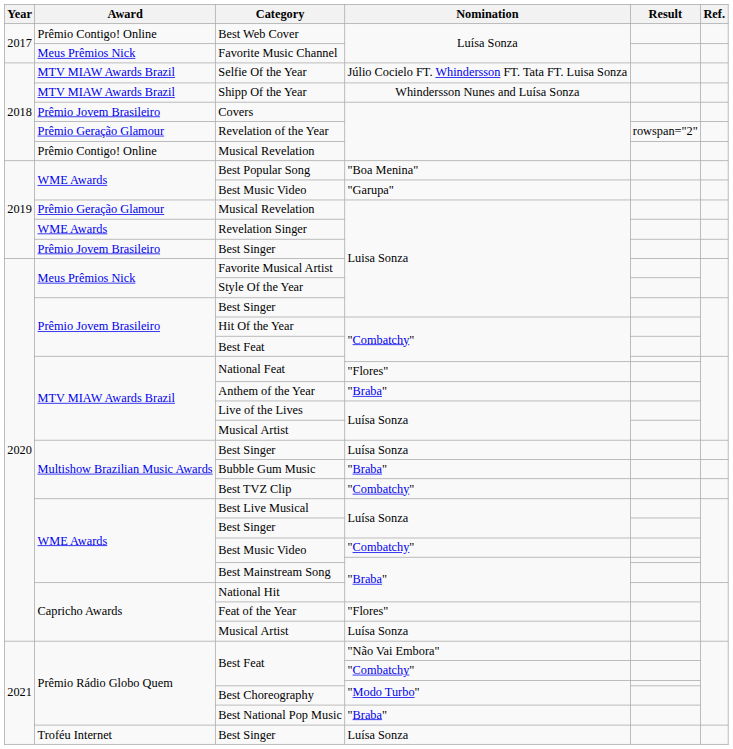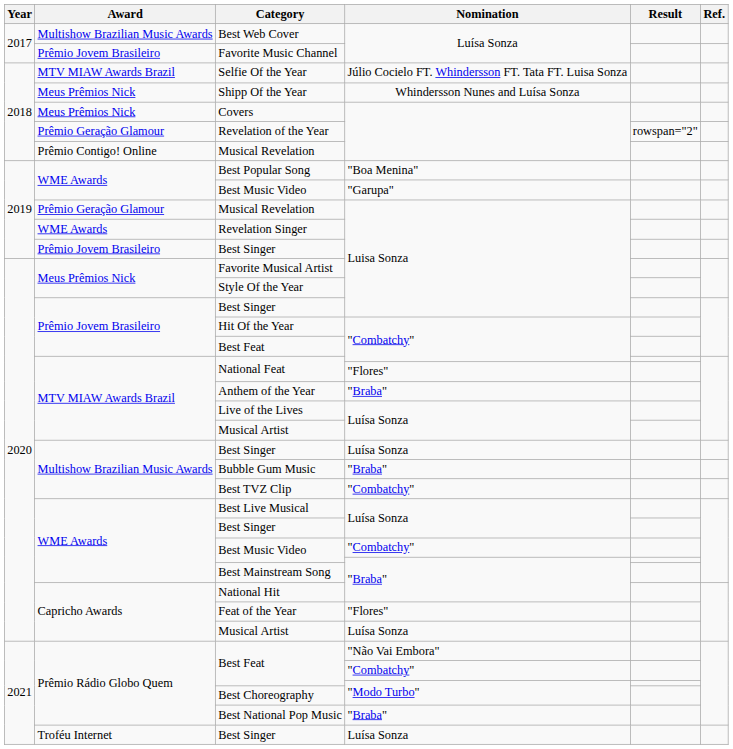 <table class="wikitable">
 <tr>
 <th>Year</th>
 <th>Award</th>
 <th>Category</th>
 <th>Nomination</th>
 <th>Result</th>
 <th>Ref.</th>
 </tr>
 <tr>
 <td rowspan="2">2017 </td>
-<td>Prêmio Contigo! Online</td>
+<td><a href='#'>Multishow Brazilian Music Awards</a></td>
 <td>Best Web Cover</td>
 <td align="center" rowspan="2">Luísa Sonza</td>
 <td></td>
 <td></td>
 </tr>
 <tr>
-<td><a href='#'>Meus Prêmios Nick</a></td>
+<td><a href='#'>Prêmio Jovem Brasileiro</a></td>
 <td>Favorite Music Channel</td>
 <td></td>
 <td></td>
 </tr>
 <tr>
 <td rowspan="5">2018 </td>
 <td><a href='#'>MTV MIAW Awards Brazil</a></td>
 <td>Selfie Of the Year</td>
 <td align="center">Júlio Cocielo FT. <a href='#'>Whindersson</a> FT. Tata FT. Luisa Sonza</td>
 <td></td>
 <td></td>
 </tr>
 <tr>
-<td><a href='#'>MTV MIAW Awards Brazil</a></td>
+<td><a href='#'>Meus Prêmios Nick</a></td>
 <td>Shipp Of the Year</td>
 <td align="center">Whindersson Nunes and Luísa Sonza</td>
 <td></td>
 <td></td>
 </tr>
 <tr>
-<td><a href='#'>Prêmio Jovem Brasileiro</a></td>
+<td><a href='#'>Meus Prêmios Nick</a></td>
 <td>Covers</td>
 <td rowspan="3"></td>
 <td></td>
 <td></td>
 </tr>
 <tr>
 <td><a href='#'>Prêmio Geração Glamour</a></td>
 <td>Revelation of the Year</td>
 <td>rowspan="2" </td>
 <td></td>
 </tr>
 <tr>
 <td>Prêmio Contigo! Online</td>
 <td>Musical Revelation</td>
 <td></td>
 </tr>
 <tr>
 <td rowspan="5">2019</td>
 <td rowspan="2"><a href='#'>WME Awards</a></td>
 <td>Best Popular Song</td>
 <td>"Boa Menina"</td>
 <td></td>
 <td></td>
 </tr>
 <tr>
 <td>Best Music Video</td>
 <td>"Garupa"</td>
 <td></td>
 <td></td>
 </tr>
 <tr>
 <td><a href='#'>Prêmio Geração Glamour</a></td>
 <td>Musical Revelation</td>
 <td rowspan="6">Luisa Sonza</td>
 <td></td>
 <td></td>
 </tr>
 <tr>
 <td><a href='#'>WME Awards</a></td>
 <td>Revelation Singer</td>
 <td></td>
 <td></td>
 </tr>
 <tr>
 <td><a href='#'>Prêmio Jovem Brasileiro</a></td>
 <td>Best Singer</td>
 <td></td>
 <td></td>
 </tr>
 <tr>
 <td rowspan="21">2020</td>
 <td rowspan="2"><a href='#'>Meus Prêmios Nick</a></td>
 <td>Favorite Musical Artist</td>
 <td></td>
 <td rowspan="2"></td>
 </tr>
 <tr>
 <td>Style Of the Year</td>
 <td></td>
 </tr>
 <tr>
 <td rowspan="3"><a href='#'>Prêmio Jovem Brasileiro</a></td>
 <td>Best Singer</td>
 <td></td>
 <td rowspan="3"></td>
 </tr>
 <tr>
 <td>Hit Of the Year</td>
 <td rowspan="3">"<a href='#'>Combatchy</a>"</td>
 <td></td>
 </tr>
 <tr>
 <td>Best Feat</td>
 <td></td>
 </tr>
 <tr>
 <td rowspan="5"><a href='#'>MTV MIAW Awards Brazil</a></td>
 <td rowspan="2">National Feat</td>
 <td></td>
 <td rowspan="5"></td>
 </tr>
 <tr>
 <td>"Flores"</td>
 <td></td>
 </tr>
 <tr>
 <td>Anthem of the Year</td>
 <td>"<a href='#'>Braba</a>"</td>
 <td></td>
 </tr>
 <tr>
 <td>Live of the Lives</td>
 <td rowspan="2">Luísa Sonza</td>
 <td></td>
 </tr>
 <tr>
 <td>Musical Artist</td>
 <td></td>
 </tr>
 <tr>
 <td rowspan="3"><a href='#'>Multishow Brazilian Music Awards</a></td>
 <td>Best Singer</td>
 <td>Luísa Sonza</td>
 <td></td>
 <td></td>
 </tr>
 <tr>
 <td>Bubble Gum Music</td>
 <td>"<a href='#'>Braba</a>"</td>
 <td></td>
 <td></td>
 </tr>
 <tr>
 <td>Best TVZ Clip</td>
 <td>"<a href='#'>Combatchy</a>"</td>
 <td></td>
 <td></td>
 </tr>
 <tr>
 <td rowspan="5"><a href='#'>WME Awards</a></td>
 <td>Best Live Musical</td>
 <td rowspan="2">Luísa Sonza</td>
 <td></td>
 <td rowspan="5"></td>
 </tr>
 <tr>
 <td>Best Singer</td>
 <td></td>
 </tr>
 <tr>
 <td rowspan="2">Best Music Video</td>
 <td>"<a href='#'>Combatchy</a>"</td>
 <td></td>
 </tr>
 <tr>
 <td rowspan="3">"<a href='#'>Braba</a>"</td>
 <td></td>
 </tr>
 <tr>
 <td>Best Mainstream Song</td>
 <td></td>
 </tr>
 <tr>
 <td rowspan="3">Capricho Awards</td>
 <td>National Hit</td>
 <td></td>
 <td rowspan="3"></td>
 </tr>
 <tr>
 <td>Feat of the Year</td>
 <td>"Flores"</td>
 <td></td>
 </tr>
 <tr>
 <td>Musical Artist</td>
 <td>Luísa Sonza</td>
 <td></td>
 </tr>
 <tr>
 <td rowspan="6">2021</td>
 <td rowspan="5">Prêmio Rádio Globo Quem</td>
 <td rowspan="3">Best Feat</td>
 <td>"Não Vai Embora"</td>
 <td></td>
 <td rowspan="5"></td>
 </tr>
 <tr>
 <td>"<a href='#'>Combatchy</a>"</td>
 <td></td>
 </tr>
 <tr>
 <td rowspan="2">"<a href='#'>Modo Turbo</a>"</td>
 <td></td>
 </tr>
 <tr>
 <td>Best Choreography</td>
 <td></td>
 </tr>
 <tr>
 <td>Best National Pop Music</td>
 <td>"<a href='#'>Braba</a>"</td>
 <td></td>
 </tr>
 <tr>
 <td>Troféu Internet</td>
 <td>Best Singer</td>
 <td>Luísa Sonza</td>
 <td></td>
 <td></td>
 </tr>
 </table>
